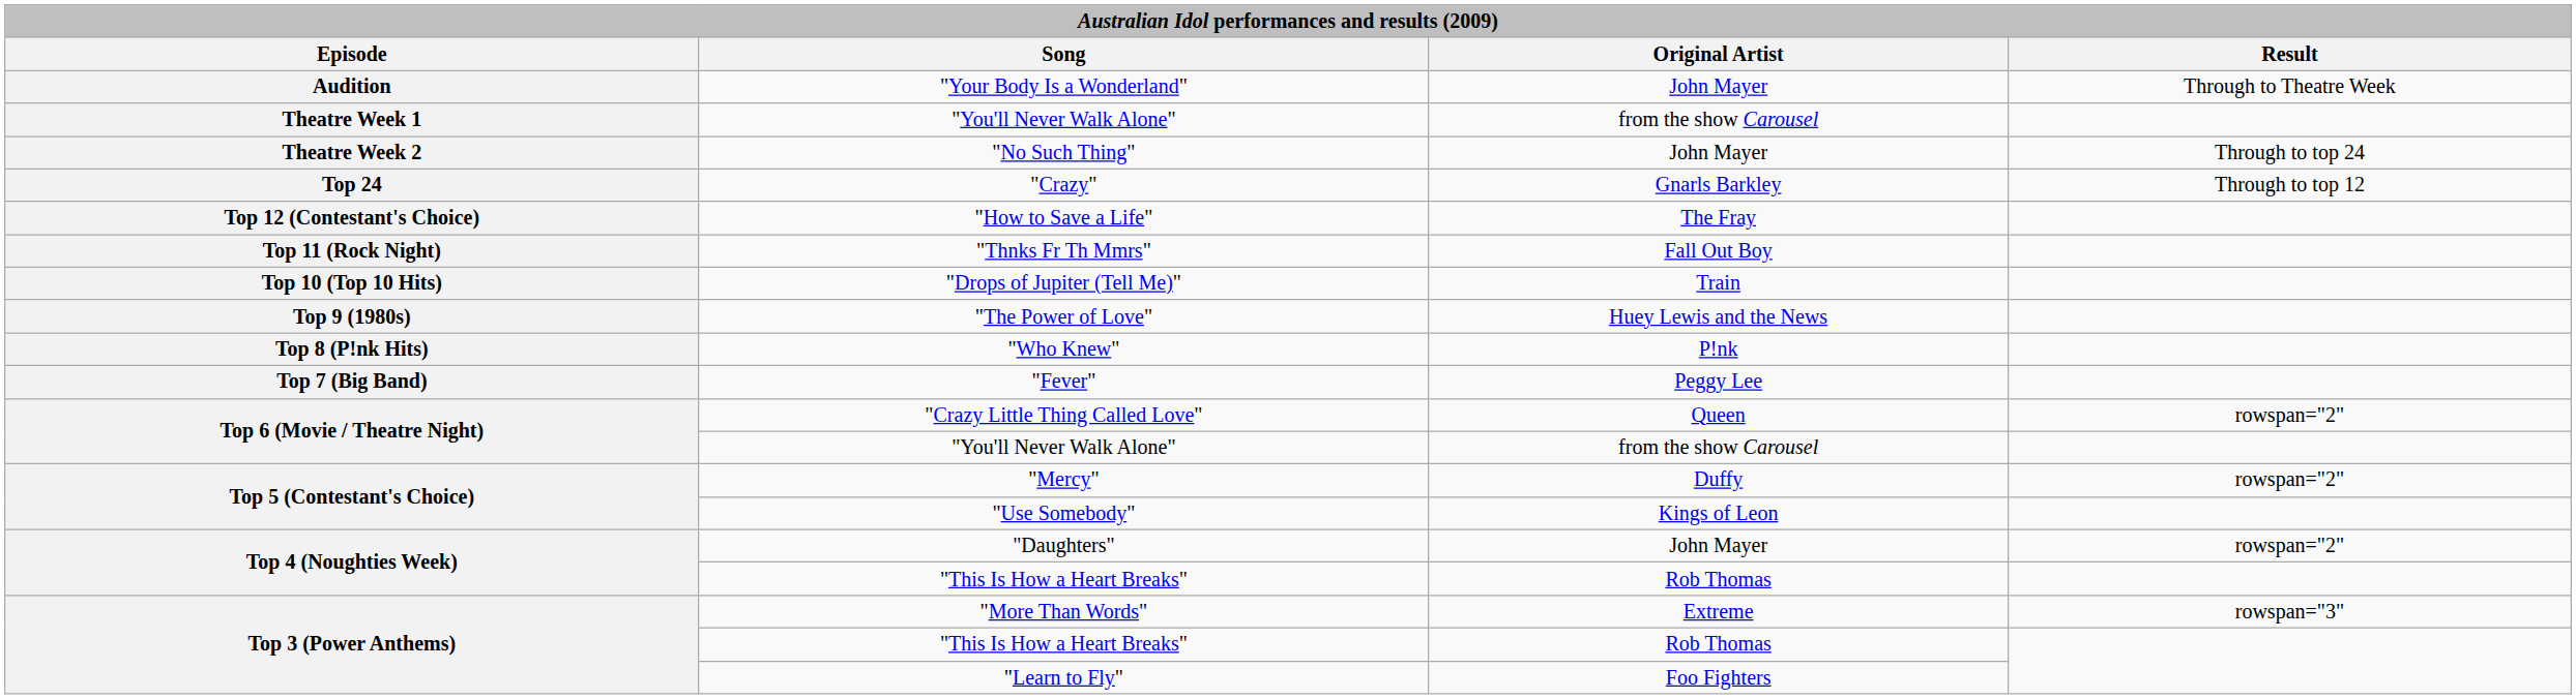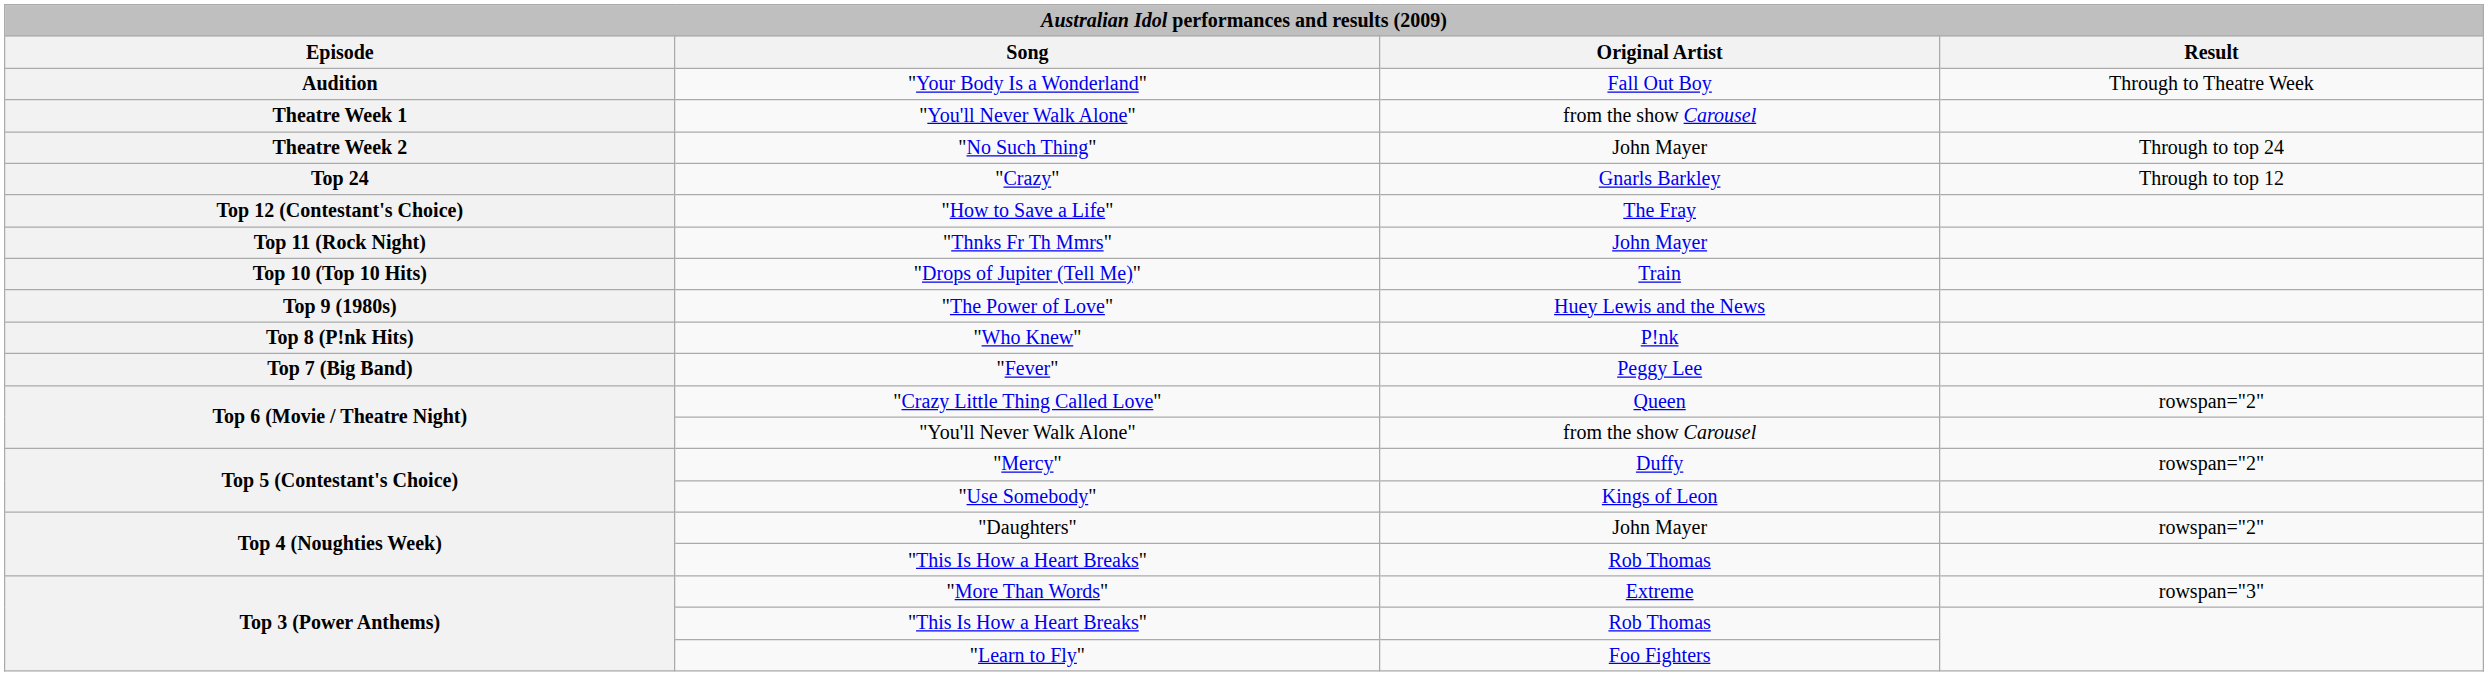 <table class="wikitable collapsible collapsed" style="width:100%; margin:1em auto 1em auto; text-align:center;">
 <tr>
 <th colspan="4" style="background:#BFBFBF;"><em>Australian Idol</em> performances and results (2009)</th>
 </tr>
 <tr>
 <th scope="col">Episode</th>
 <th scope="col">Song</th>
 <th scope="col">Original Artist</th>
 <th scope="col">Result</th>
 </tr>
 <tr>
 <th>Audition</th>
 <td>"<a href='#'>Your Body Is a Wonderland</a>"</td>
-<td><a href='#'>John Mayer</a></td>
+<td><a href='#'>Fall Out Boy</a></td>
 <td>Through to Theatre Week</td>
 </tr>
 <tr>
 <th>Theatre Week 1</th>
 <td>"<a href='#'>You'll Never Walk Alone</a>"</td>
 <td>from the show <em><a href='#'>Carousel</a></em></td>
 <td></td>
 </tr>
 <tr>
 <th>Theatre Week 2</th>
 <td>"<a href='#'>No Such Thing</a>"</td>
 <td>John Mayer</td>
 <td>Through to top 24</td>
 </tr>
 <tr>
 <th>Top 24</th>
 <td>"<a href='#'>Crazy</a>"</td>
 <td><a href='#'>Gnarls Barkley</a></td>
 <td>Through to top 12</td>
 </tr>
 <tr>
 <th>Top 12 (Contestant's Choice)</th>
 <td>"<a href='#'>How to Save a Life</a>"</td>
 <td><a href='#'>The Fray</a></td>
 <td></td>
 </tr>
 <tr>
 <th>Top 11 (Rock Night)</th>
 <td>"<a href='#'>Thnks Fr Th Mmrs</a>"</td>
-<td><a href='#'>Fall Out Boy</a></td>
+<td><a href='#'>John Mayer</a></td>
 <td></td>
 </tr>
 <tr>
 <th>Top 10 (Top 10 Hits)</th>
 <td>"<a href='#'>Drops of Jupiter (Tell Me)</a>"</td>
 <td><a href='#'>Train</a></td>
 <td></td>
 </tr>
 <tr>
 <th>Top 9 (1980s)</th>
 <td>"<a href='#'>The Power of Love</a>"</td>
 <td><a href='#'>Huey Lewis and the News</a></td>
 <td></td>
 </tr>
 <tr>
 <th>Top 8 (P!nk Hits)</th>
 <td>"<a href='#'>Who Knew</a>"</td>
 <td><a href='#'>P!nk</a></td>
 <td></td>
 </tr>
 <tr>
 <th>Top 7 (Big Band)</th>
 <td>"<a href='#'>Fever</a>"</td>
 <td><a href='#'>Peggy Lee</a></td>
 <td></td>
 </tr>
 <tr>
 <th rowspan="2">Top 6 (Movie / Theatre Night)</th>
 <td>"<a href='#'>Crazy Little Thing Called Love</a>"</td>
 <td><a href='#'>Queen</a></td>
 <td>rowspan="2" </td>
 </tr>
 <tr>
 <td>"You'll Never Walk Alone"</td>
 <td>from the show <em>Carousel</em></td>
 </tr>
 <tr>
 <th rowspan="2">Top 5 (Contestant's Choice)</th>
 <td>"<a href='#'>Mercy</a>"</td>
 <td><a href='#'>Duffy</a></td>
 <td>rowspan="2" </td>
 </tr>
 <tr>
 <td>"<a href='#'>Use Somebody</a>"</td>
 <td><a href='#'>Kings of Leon</a></td>
 </tr>
 <tr>
 <th rowspan="2">Top 4 (Noughties Week)</th>
 <td>"Daughters"</td>
 <td>John Mayer</td>
 <td>rowspan="2" </td>
 </tr>
 <tr>
 <td>"<a href='#'>This Is How a Heart Breaks</a>"</td>
 <td><a href='#'>Rob Thomas</a></td>
 </tr>
 <tr>
 <th rowspan="3">Top 3 (Power Anthems)</th>
 <td>"<a href='#'>More Than Words</a>"</td>
 <td><a href='#'>Extreme</a></td>
 <td>rowspan="3" </td>
 </tr>
 <tr>
 <td>"<a href='#'>This Is How a Heart Breaks</a>"</td>
 <td><a href='#'>Rob Thomas</a></td>
 </tr>
 <tr>
 <td>"<a href='#'>Learn to Fly</a>"</td>
 <td><a href='#'>Foo Fighters</a></td>
 </tr>
 </table>
